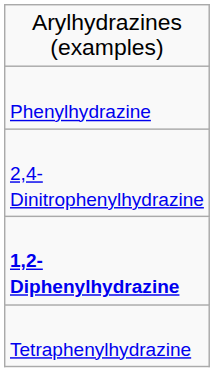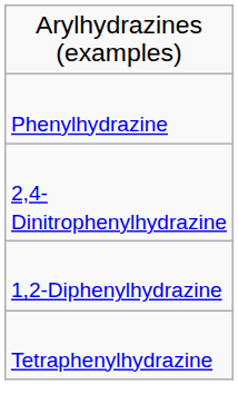 <table class="wikitable floatright" style="text-align:left" width="20%">
 <tr class="hintergrundfarbe6" align="center">
 <td>Arylhydrazines (examples)</td>
 </tr>
 <tr>
 <td><br><small><a href='#'>Phenylhydrazine</a></small></td>
 </tr>
 <tr>
 <td><br><small><a href='#'>2,4-Dinitrophenylhydrazine</a></small></td>
 </tr>
 <tr>
-<td><strong><br><small><a href='#'>1,2-Diphenylhydrazine</a></small></strong></td>
+<td><br><small><a href='#'>1,2-Diphenylhydrazine</a></small></td>
 </tr>
 <tr>
 <td><br><small><a href='#'>Tetraphenylhydrazine</a></small></td>
 </tr>
 </table>
